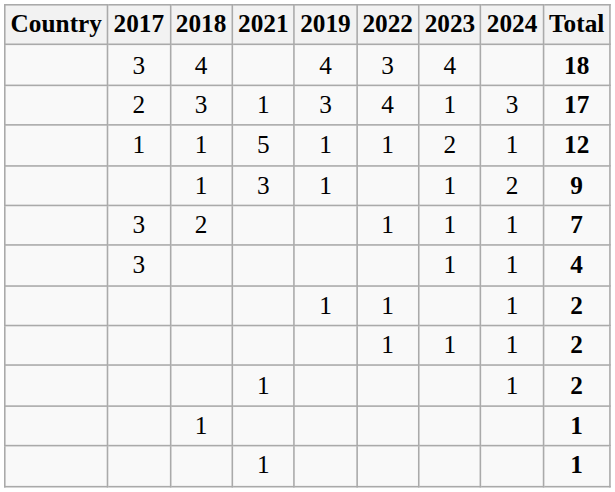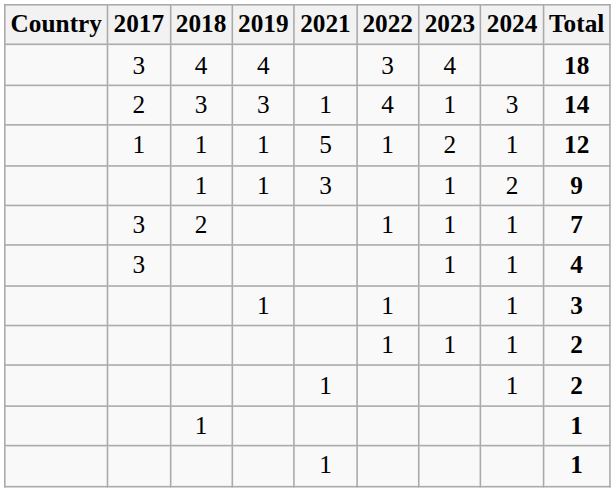 <table class="wikitable" style="text-align: center;">
 <tr>
 <th>Country</th>
 <th>2017</th>
 <th>2018</th>
+<th>2019</th>
 <th>2021</th>
-<th>2019</th>
 <th>2022</th>
 <th>2023</th>
 <th>2024</th>
 <th>Total</th>
 </tr>
 <tr>
 <td align="left"></td>
 <td>3</td>
 <td>4</td>
+<td>4</td>
 <td></td>
-<td>4</td>
 <td>3</td>
 <td>4</td>
 <td></td>
 <td><strong>18</strong></td>
 </tr>
 <tr>
 <td align="left"></td>
 <td>2</td>
 <td>3</td>
+<td>3</td>
 <td>1</td>
-<td>3</td>
 <td>4</td>
 <td>1</td>
 <td>3</td>
-<td><strong>17</strong></td>
+<td><strong>14</strong></td>
 </tr>
 <tr>
 <td align="left"></td>
 <td>1</td>
 <td>1</td>
+<td>1</td>
 <td>5</td>
-<td>1</td>
 <td>1</td>
 <td>2</td>
 <td>1</td>
 <td><strong>12</strong></td>
 </tr>
 <tr>
 <td align="left"></td>
 <td></td>
 <td>1</td>
+<td>1</td>
 <td>3</td>
-<td>1</td>
 <td></td>
 <td>1</td>
 <td>2</td>
 <td><strong>9</strong></td>
 </tr>
 <tr>
 <td align="left"></td>
 <td>3</td>
 <td>2</td>
 <td></td>
 <td></td>
 <td>1</td>
 <td>1</td>
 <td>1</td>
 <td><strong>7</strong></td>
 </tr>
 <tr>
 <td align="left"></td>
 <td>3</td>
 <td></td>
 <td></td>
 <td></td>
 <td></td>
 <td>1</td>
 <td>1</td>
 <td><strong>4</strong></td>
 </tr>
 <tr>
 <td align="left"></td>
 <td></td>
 <td></td>
-<td></td>
-<td>1</td>
 <td>1</td>
 <td></td>
 <td>1</td>
-<td><strong>2</strong></td>
+<td></td>
+<td>1</td>
+<td><strong>3</strong></td>
 </tr>
 <tr>
 <td align="left"></td>
 <td></td>
 <td></td>
 <td></td>
 <td></td>
 <td>1</td>
 <td>1</td>
 <td>1</td>
 <td><strong>2</strong></td>
 </tr>
 <tr>
 <td align="left"></td>
 <td></td>
 <td></td>
+<td></td>
 <td>1</td>
-<td></td>
 <td></td>
 <td></td>
 <td>1</td>
 <td><strong>2</strong></td>
 </tr>
 <tr>
 <td align="left"></td>
 <td></td>
 <td>1</td>
 <td></td>
 <td></td>
 <td></td>
 <td></td>
 <td></td>
 <td><strong>1</strong></td>
 </tr>
 <tr>
 <td align="left"></td>
 <td></td>
 <td></td>
+<td></td>
 <td>1</td>
-<td></td>
 <td></td>
 <td></td>
 <td></td>
 <td><strong>1</strong></td>
 </tr>
 </table>
